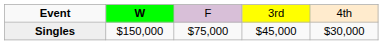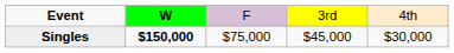 <table class=wikitable style=font-size:95%;text-align:center>
 <tr>
 <td style="width:130px"><strong>Event</strong></td>
 <td style="width:85px; background:lime"><strong>W</strong></td>
 <td style="width:85px; background:thistle">F</td>
 <td style="width:85px; background:#ffff00">3rd</td>
 <td style="width:85px; background:#ffebcd">4th</td>
 </tr>
 <tr>
 <th style=background:#efefef>Singles</th>
-<td>$150,000</td>
+<td><strong>$150,000</strong></td>
 <td>$75,000</td>
 <td>$45,000</td>
 <td>$30,000</td>
 </tr>
 </table>
